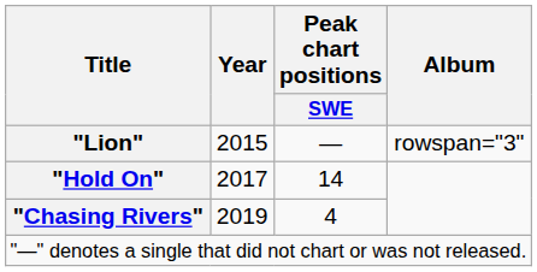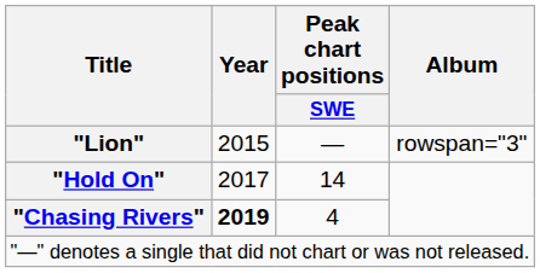 <table class="wikitable plainrowheaders" style="text-align:center;">
 <tr>
 <th scope="col" rowspan="2">Title</th>
 <th scope="col" rowspan="2">Year</th>
 <th scope="col" colspan="1">Peak chart positions</th>
 <th scope="col" rowspan="2">Album</th>
 </tr>
 <tr>
 <th scope="col" style="width:3em;font-size:85%;"><a href='#'>SWE</a></th>
 </tr>
 <tr>
 <th scope="row">"Lion"</th>
 <td>2015</td>
 <td>—</td>
 <td>rowspan="3" </td>
 </tr>
 <tr>
 <th scope="row">"<a href='#'>Hold On</a>"</th>
 <td>2017</td>
 <td>14<br></td>
 </tr>
 <tr>
 <th scope="row">"<a href='#'>Chasing Rivers</a>"</th>
-<td>2019</td>
+<td><strong>2019</strong></td>
 <td>4<br></td>
 </tr>
 <tr>
 <td style="font-size:85%;" colspan="5">"—" denotes a single that did not chart or was not released.</td>
 </tr>
 </table>
